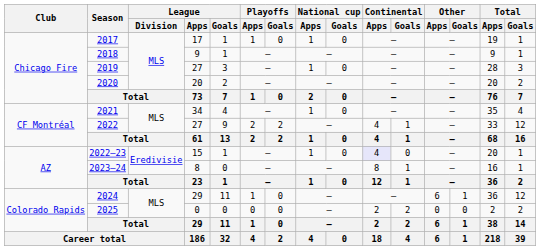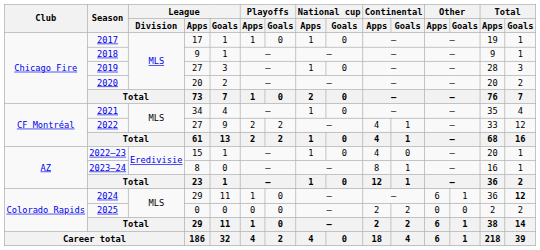 <table class="wikitable" style="text-align:center">
 <tr>
 <th rowspan="2">Club</th>
 <th rowspan="2">Season</th>
 <th colspan="3">League</th>
 <th colspan="2">Playoffs</th>
 <th colspan="2">National cup</th>
 <th colspan="2">Continental</th>
 <th colspan="2">Other</th>
 <th colspan="2">Total</th>
 </tr>
 <tr>
 <th>Division</th>
 <th>Apps</th>
 <th>Goals</th>
 <th>Apps</th>
 <th>Goals</th>
 <th>Apps</th>
 <th>Goals</th>
 <th>Apps</th>
 <th>Goals</th>
 <th>Apps</th>
 <th>Goals</th>
 <th>Apps</th>
 <th>Goals</th>
 </tr>
 <tr>
 <td rowspan="5"><a href='#'>Chicago Fire</a></td>
 <td><a href='#'>2017</a></td>
 <td rowspan="4"><a href='#'>MLS</a></td>
 <td>17</td>
 <td>1</td>
 <td>1</td>
 <td>0</td>
 <td>1</td>
 <td>0</td>
 <td colspan="2">—</td>
 <td colspan="2">—</td>
 <td>19</td>
 <td>1</td>
 </tr>
 <tr>
 <td><a href='#'>2018</a></td>
 <td>9</td>
 <td>1</td>
 <td colspan="2">—</td>
 <td colspan="2">—</td>
 <td colspan="2">—</td>
 <td colspan="2">—</td>
 <td>9</td>
 <td>1</td>
 </tr>
 <tr>
 <td><a href='#'>2019</a></td>
 <td>27</td>
 <td>3</td>
 <td colspan="2">—</td>
 <td>1</td>
 <td>0</td>
 <td colspan="2">—</td>
 <td colspan="2">—</td>
 <td>28</td>
 <td>3</td>
 </tr>
 <tr>
 <td><a href='#'>2020</a></td>
 <td>20</td>
 <td>2</td>
 <td colspan="2">—</td>
 <td colspan="2">—</td>
 <td colspan="2">—</td>
 <td colspan="2">—</td>
 <td>20</td>
 <td>2</td>
 </tr>
 <tr>
 <th colspan="2">Total</th>
 <th>73</th>
 <th>7</th>
 <th>1</th>
 <th>0</th>
 <th>2</th>
 <th>0</th>
 <th colspan="2">—</th>
 <th colspan="2">—</th>
 <th>76</th>
 <th>7</th>
 </tr>
 <tr>
 <td rowspan="3"><a href='#'>CF Montréal</a></td>
 <td><a href='#'>2021</a></td>
 <td rowspan="2">MLS</td>
 <td>34</td>
 <td>4</td>
 <td colspan="2">—</td>
 <td>1</td>
 <td>0</td>
 <td colspan="2">—</td>
 <td colspan="2">—</td>
 <td>35</td>
 <td>4</td>
 </tr>
 <tr>
 <td><a href='#'>2022</a></td>
 <td>27</td>
 <td>9</td>
 <td>2</td>
 <td>2</td>
 <td colspan="2">—</td>
 <td>4</td>
 <td>1</td>
 <td colspan="2">—</td>
 <td>33</td>
 <td>12</td>
 </tr>
 <tr>
 <th colspan="2">Total</th>
 <th>61</th>
 <th>13</th>
 <th>2</th>
 <th>2</th>
 <th>1</th>
 <th>0</th>
 <th>4</th>
 <th>1</th>
 <th colspan="2">—</th>
 <th>68</th>
 <th>16</th>
 </tr>
 <tr>
 <td rowspan="3"><a href='#'>AZ</a></td>
 <td><a href='#'>2022–23</a></td>
 <td rowspan="2"><a href='#'>Eredivisie</a></td>
 <td>15</td>
 <td>1</td>
 <td colspan="2">—</td>
 <td>1</td>
 <td>0</td>
-<td style="background: lavender;">4</td>
+<td>4</td>
 <td>0</td>
 <td colspan="2">—</td>
 <td>20</td>
 <td>1</td>
 </tr>
 <tr>
 <td><a href='#'>2023–24</a></td>
 <td>8</td>
 <td>0</td>
 <td colspan="2">—</td>
 <td colspan="2">—</td>
 <td>8</td>
 <td>1</td>
 <td colspan="2">—</td>
 <td>16</td>
 <td>1</td>
 </tr>
 <tr>
 <th colspan="2">Total</th>
 <th>23</th>
 <th>1</th>
 <th colspan="2">—</th>
 <th>1</th>
 <th>0</th>
 <th>12</th>
 <th>1</th>
 <th colspan="2">—</th>
 <th>36</th>
 <th>2</th>
 </tr>
 <tr>
 <td rowspan="3"><a href='#'>Colorado Rapids</a></td>
 <td><a href='#'>2024</a></td>
 <td rowspan="2">MLS</td>
 <td>29</td>
 <td>11</td>
 <td>1</td>
 <td>0</td>
 <td colspan="2">—</td>
 <td colspan="2">—</td>
 <td>6</td>
 <td>1</td>
 <td>36</td>
-<td>12</td>
+<td><strong>12</strong></td>
 </tr>
 <tr>
 <td><a href='#'>2025</a></td>
 <td>0</td>
 <td>0</td>
 <td>0</td>
 <td>0</td>
 <td colspan="2">—</td>
 <td>2</td>
 <td>2</td>
 <td>0</td>
 <td>0</td>
 <td>2</td>
 <td>2</td>
 </tr>
 <tr>
 <th colspan="2">Total</th>
 <th>29</th>
 <th>11</th>
 <th>1</th>
 <th>0</th>
 <th colspan="2">—</th>
 <th>2</th>
 <th>2</th>
 <th>6</th>
 <th>1</th>
 <th>38</th>
 <th>14</th>
 </tr>
 <tr>
 <th colspan="3">Career total</th>
 <th>186</th>
 <th>32</th>
 <th>4</th>
 <th>2</th>
 <th>4</th>
 <th>0</th>
 <th>18</th>
 <th>4</th>
 <th>6</th>
 <th>1</th>
 <th>218</th>
 <th>39</th>
 </tr>
 </table>
